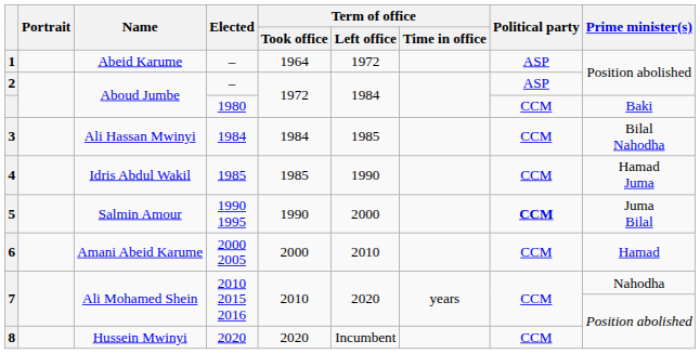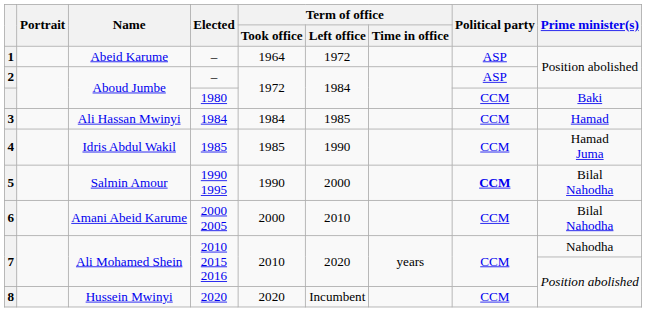 <table class="wikitable" style="text-align:center">
 <tr>
 <th rowspan="2"></th>
 <th rowspan="2">Portrait</th>
 <th rowspan="2">Name<br></th>
 <th rowspan="2">Elected</th>
 <th colspan="3">Term of office</th>
 <th rowspan="2">Political party</th>
 <th rowspan="2"><a href='#'>Prime minister(s)</a></th>
 </tr>
 <tr>
 <th>Took office</th>
 <th>Left office</th>
 <th>Time in office</th>
 </tr>
 <tr>
 <th style="background:">1</th>
 <td></td>
 <td><a href='#'>Abeid Karume</a><br></td>
 <td>–</td>
 <td> 1964</td>
 <td> 1972</td>
 <td></td>
 <td><a href='#'>ASP</a></td>
 <td rowspan=2>Position abolished</td>
 </tr>
 <tr>
 <th style="background:">2</th>
 <td rowspan=2></td>
 <td rowspan=2><a href='#'>Aboud Jumbe</a><br></td>
 <td>–</td>
 <td rowspan=2> 1972</td>
 <td rowspan=2> 1984</td>
 <td rowspan=2></td>
 <td><a href='#'>ASP</a><br></td>
 </tr>
 <tr>
 <th style="background:"></th>
 <td><a href='#'>1980</a></td>
 <td><a href='#'>CCM</a></td>
 <td><a href='#'>Baki</a></td>
 </tr>
 <tr>
 <th style="background:">3</th>
 <td></td>
 <td><a href='#'>Ali Hassan Mwinyi</a><br></td>
 <td><a href='#'>1984</a></td>
 <td> 1984</td>
 <td> 1985</td>
 <td></td>
 <td><a href='#'>CCM</a></td>
-<td>Bilal<br><a href='#'>Nahodha</a></td>
+<td><a href='#'>Hamad</a></td>
 </tr>
 <tr>
 <th style="background:">4</th>
 <td></td>
 <td><a href='#'>Idris Abdul Wakil</a><br></td>
 <td><a href='#'>1985</a></td>
 <td> 1985</td>
 <td> 1990</td>
 <td></td>
 <td><a href='#'>CCM</a></td>
 <td>Hamad<br><a href='#'>Juma</a></td>
 </tr>
 <tr>
 <th style="background:">5</th>
 <td></td>
 <td><a href='#'>Salmin Amour</a><br></td>
 <td><a href='#'>1990</a><br><a href='#'>1995</a></td>
 <td> 1990</td>
 <td> 2000</td>
 <td></td>
 <td><strong><a href='#'>CCM</a></strong></td>
-<td>Juma<br><a href='#'>Bilal</a></td>
+<td>Bilal<br><a href='#'>Nahodha</a></td>
 </tr>
 <tr>
 <th style="background:">6</th>
 <td></td>
 <td><a href='#'>Amani Abeid Karume</a><br></td>
 <td><a href='#'>2000</a><br><a href='#'>2005</a></td>
 <td> 2000</td>
 <td> 2010</td>
 <td></td>
 <td><a href='#'>CCM</a></td>
-<td><a href='#'>Hamad</a></td>
+<td>Bilal<br><a href='#'>Nahodha</a></td>
 </tr>
 <tr>
 <th rowspan=2 style="background:">7</th>
 <td rowspan=2></td>
 <td rowspan=2><a href='#'>Ali Mohamed Shein</a><br></td>
 <td rowspan=2><a href='#'>2010</a><br><a href='#'>2015</a><br><a href='#'>2016</a></td>
 <td rowspan=2> 2010</td>
 <td rowspan=2> 2020</td>
 <td rowspan=2> years</td>
 <td rowspan=2><a href='#'>CCM</a></td>
 <td>Nahodha</td>
 </tr>
 <tr>
 <td rowspan=2><em>Position abolished</em></td>
 </tr>
 <tr>
 <th style="background:">8</th>
 <td></td>
 <td><a href='#'>Hussein Mwinyi</a><br></td>
 <td><a href='#'>2020</a></td>
 <td> 2020</td>
 <td>Incumbent</td>
 <td></td>
 <td><a href='#'>CCM</a></td>
 </tr>
 </table>
